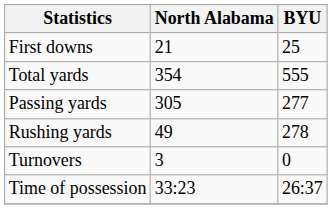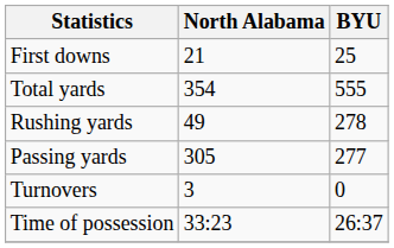 <table class="wikitable">
 <tr>
 <th>Statistics</th>
 <th>North Alabama</th>
 <th>BYU</th>
 </tr>
 <tr>
 <td>First downs</td>
 <td>21</td>
 <td>25</td>
 </tr>
 <tr>
 <td>Total yards</td>
 <td>354</td>
 <td>555</td>
 </tr>
 <tr>
+<td>Rushing yards</td>
+<td>49</td>
+<td>278</td>
+</tr>
+<tr>
 <td>Passing yards</td>
 <td>305</td>
 <td>277</td>
-</tr>
-<tr>
-<td>Rushing yards</td>
-<td>49</td>
-<td>278</td>
 </tr>
 <tr>
 <td>Turnovers</td>
 <td>3</td>
 <td>0</td>
 </tr>
 <tr>
 <td>Time of possession</td>
 <td>33:23</td>
 <td>26:37</td>
 </tr>
 <tr>
 </tr>
 </table>
